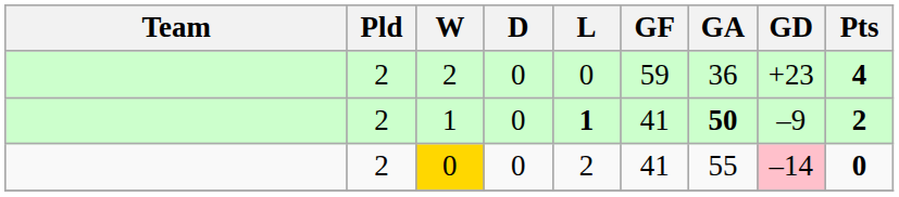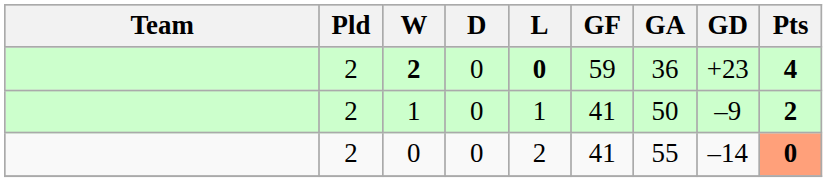 <table class="wikitable" style="text-align: center;">
 <tr>
 <th width="180">Team</th>
 <th width="30">Pld</th>
 <th width="30">W</th>
 <th width="30">D</th>
 <th width="30">L</th>
 <th width="30">GF</th>
 <th width="30">GA</th>
 <th width="30">GD</th>
 <th width="30">Pts</th>
 </tr>
 <tr bgcolor=#CCFFCC>
 <td align="left"></td>
 <td>2</td>
-<td>2</td>
+<td><strong>2</strong></td>
 <td>0</td>
-<td>0</td>
+<td><strong>0</strong></td>
 <td>59</td>
 <td>36</td>
 <td>+23</td>
 <td><strong>4</strong></td>
 </tr>
 <tr bgcolor=#CCFFCC>
 <td align="left"></td>
 <td>2</td>
 <td>1</td>
 <td>0</td>
-<td><strong>1</strong></td>
+<td>1</td>
 <td>41</td>
-<td><strong>50</strong></td>
+<td>50</td>
 <td>–9</td>
 <td><strong>2</strong></td>
 </tr>
 <tr>
 <td align="left"></td>
 <td>2</td>
-<td style="background: gold;">0</td>
+<td>0</td>
 <td>0</td>
 <td>2</td>
 <td>41</td>
 <td>55</td>
-<td style="background: pink;">–14</td>
-<td><strong>0</strong></td>
+<td>–14</td>
+<td style="background: lightsalmon;"><strong>0</strong></td>
 </tr>
 <tr>
 </tr>
 </table>
